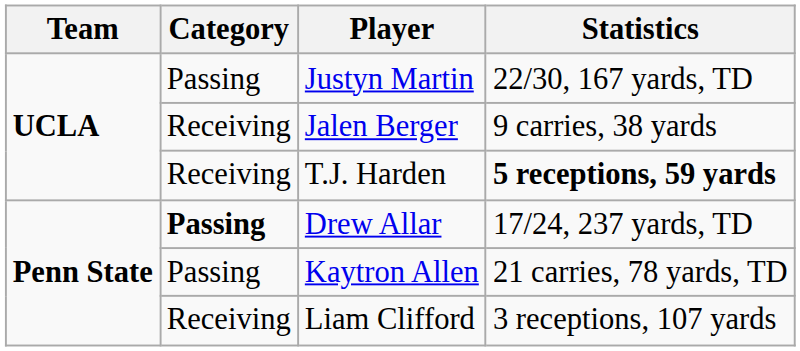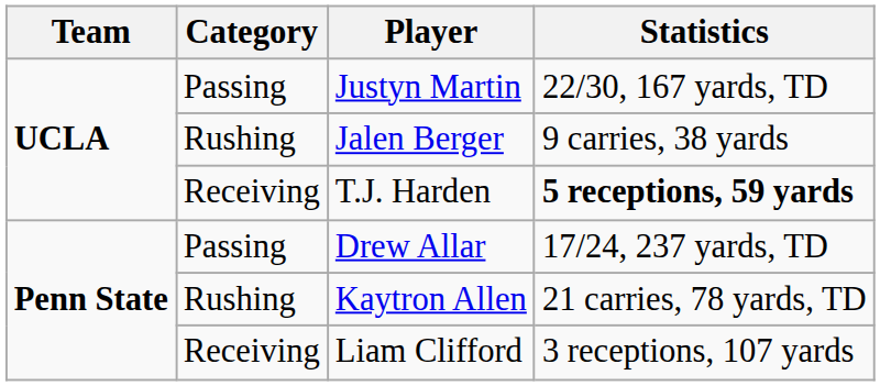 <table class="wikitable" style="float: right;">
 <tr>
 <th>Team</th>
 <th>Category</th>
 <th>Player</th>
 <th>Statistics</th>
 </tr>
 <tr>
 <td rowspan=3><strong>UCLA</strong></td>
 <td>Passing</td>
 <td><a href='#'>Justyn Martin</a></td>
 <td>22/30, 167 yards, TD</td>
 </tr>
 <tr>
-<td>Receiving</td>
+<td>Rushing</td>
 <td><a href='#'>Jalen Berger</a></td>
 <td>9 carries, 38 yards</td>
 </tr>
 <tr>
 <td>Receiving</td>
 <td>T.J. Harden</td>
 <td><strong>5 receptions, 59 yards</strong></td>
 </tr>
 <tr>
 <td rowspan=3><strong>Penn State</strong></td>
-<td><strong>Passing</strong></td>
+<td>Passing</td>
 <td><a href='#'>Drew Allar</a></td>
 <td>17/24, 237 yards, TD</td>
 </tr>
 <tr>
-<td>Passing</td>
+<td>Rushing</td>
 <td><a href='#'>Kaytron Allen</a></td>
 <td>21 carries, 78 yards, TD</td>
 </tr>
 <tr>
 <td>Receiving</td>
 <td>Liam Clifford</td>
 <td>3 receptions, 107 yards</td>
 </tr>
 </table>
